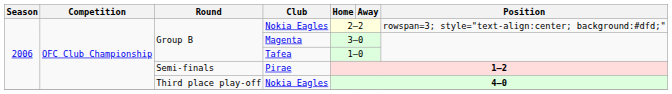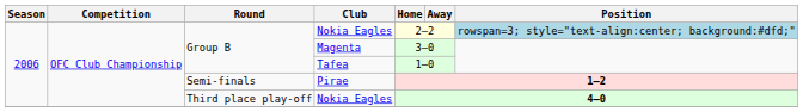 <table class="wikitable">
 <tr>
 <th>Season</th>
 <th>Competition</th>
 <th>Round</th>
 <th>Club</th>
 <th>Home</th>
 <th>Away</th>
 <th>Position</th>
 </tr>
 <tr>
 <td rowspan="5" style="text-align:center;"><a href='#'>2006</a></td>
 <td rowspan="5"><a href='#'>OFC Club Championship</a></td>
 <td rowspan="3">Group B</td>
 <td> <a href='#'>Nokia Eagles</a></td>
 <td colspan="2;" style="text-align:center; background:#ffd;">2–2</td>
-<td>rowspan=3; style="text-align:center; background:#dfd;" </td>
+<td style="background: lightblue;">rowspan=3; style="text-align:center; background:#dfd;" </td>
 </tr>
 <tr>
 <td> <a href='#'>Magenta</a></td>
 <td colspan=2; style="text-align:center; background:#dfd;">3–0</td>
 </tr>
 <tr>
 <td> <a href='#'>Tafea</a></td>
 <td colspan=2; style="text-align:center; background:#dfd;">1–0</td>
 </tr>
 <tr>
 <td>Semi-finals</td>
 <td> <a href='#'>Pirae</a></td>
 <td colspan=3; style="text-align:center; background:#fdd;"><strong>1–2</strong></td>
 </tr>
 <tr>
 <td>Third place play-off</td>
 <td> <a href='#'>Nokia Eagles</a></td>
 <td colspan=3; style="text-align:center; background:#dfd;"><strong>4–0</strong></td>
 </tr>
 <tr>
 </tr>
 </table>
